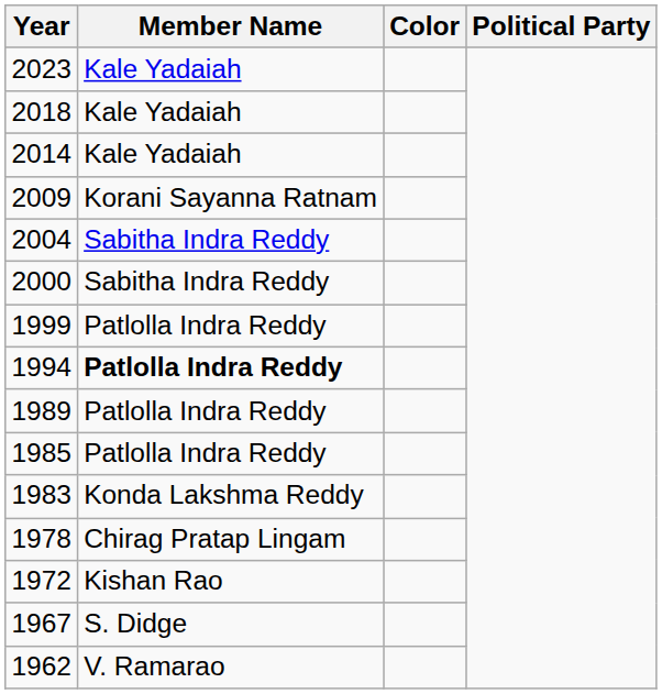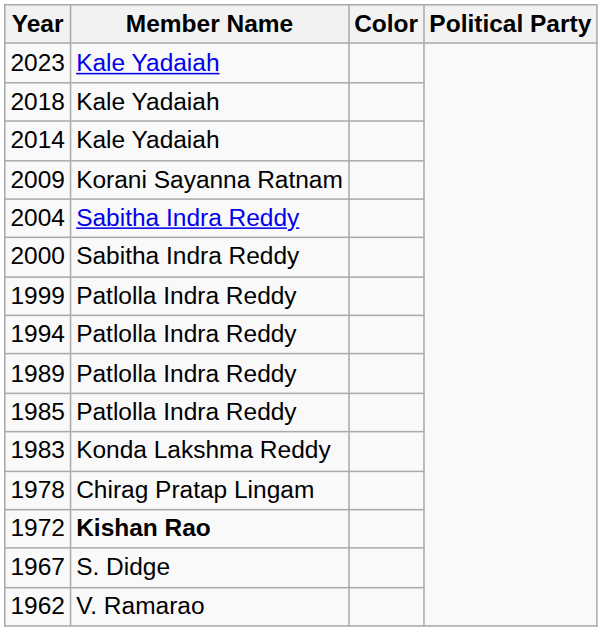 <table class="wikitable sortable">
 <tr>
 <th>Year</th>
 <th>Member Name</th>
 <th>Color</th>
 <th>Political Party</th>
 </tr>
 <tr>
 <td>2023</td>
 <td><a href='#'>Kale Yadaiah</a></td>
 <td></td>
 </tr>
 <tr>
 <td>2018</td>
 <td>Kale Yadaiah</td>
 <td></td>
 </tr>
 <tr>
 <td>2014</td>
 <td>Kale Yadaiah</td>
 <td></td>
 </tr>
 <tr>
 <td>2009</td>
 <td>Korani Sayanna Ratnam</td>
 <td></td>
 </tr>
 <tr>
 <td>2004</td>
 <td><a href='#'>Sabitha Indra Reddy</a></td>
 <td></td>
 </tr>
 <tr>
 <td>2000</td>
 <td>Sabitha Indra Reddy</td>
 <td></td>
 </tr>
 <tr>
 <td>1999</td>
 <td>Patlolla Indra Reddy</td>
 <td></td>
 </tr>
 <tr>
 <td>1994</td>
-<td><strong>Patlolla Indra Reddy</strong></td>
+<td>Patlolla Indra Reddy</td>
 <td></td>
 </tr>
 <tr>
 <td>1989</td>
 <td>Patlolla Indra Reddy</td>
 <td></td>
 </tr>
 <tr>
 <td>1985</td>
 <td>Patlolla Indra Reddy</td>
 <td></td>
 </tr>
 <tr>
 <td>1983</td>
 <td>Konda Lakshma Reddy</td>
 <td></td>
 </tr>
 <tr>
 <td>1978</td>
 <td>Chirag Pratap Lingam</td>
 <td></td>
 </tr>
 <tr>
 <td>1972</td>
-<td>Kishan Rao</td>
+<td><strong>Kishan Rao</strong></td>
 <td></td>
 </tr>
 <tr>
 <td>1967</td>
 <td>S. Didge</td>
 <td></td>
 </tr>
 <tr>
 <td>1962</td>
 <td>V. Ramarao</td>
 <td></td>
 </tr>
 </table>
